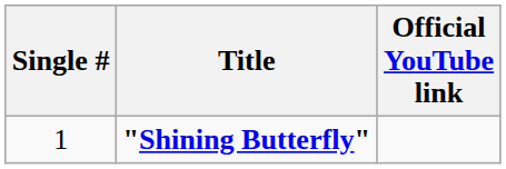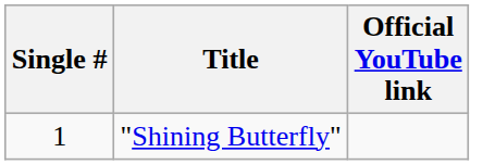 <table class="wikitable" style="text-align:left">
 <tr>
 <th>Single #</th>
 <th>Title</th>
 <th>Official<br><a href='#'>YouTube</a><br>link</th>
 </tr>
 <tr>
 <td align="center" rowspan="2">1</td>
-<td><strong>"<a href='#'>Shining Butterfly</a>"</strong></td>
+<td>"<a href='#'>Shining Butterfly</a>"</td>
 <td align="center"></td>
 </tr>
 </table>
